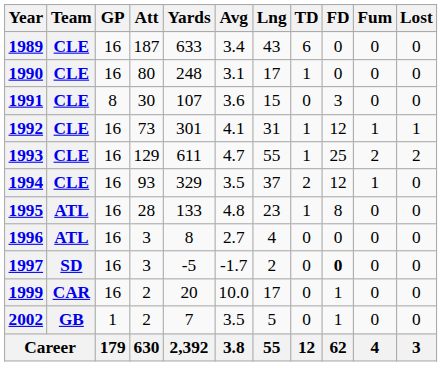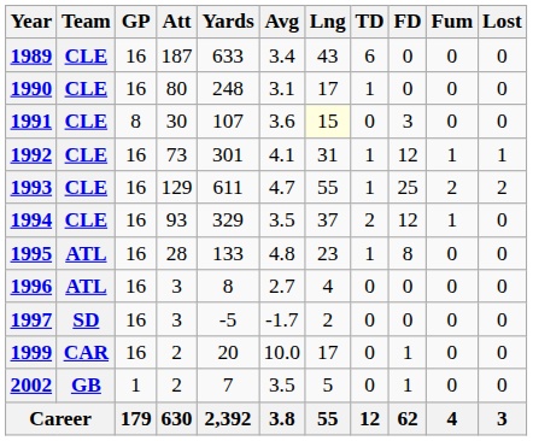 <table class="wikitable" style="text-align: center;">
 <tr>
 <th>Year</th>
 <th>Team</th>
 <th>GP</th>
 <th>Att</th>
 <th>Yards</th>
 <th>Avg</th>
 <th>Lng</th>
 <th>TD</th>
 <th>FD</th>
 <th>Fum</th>
 <th>Lost</th>
 </tr>
 <tr>
 <th><a href='#'>1989</a></th>
 <th><a href='#'>CLE</a></th>
 <td>16</td>
 <td>187</td>
 <td>633</td>
 <td>3.4</td>
 <td>43</td>
 <td>6</td>
 <td>0</td>
 <td>0</td>
 <td>0</td>
 </tr>
 <tr>
 <th><a href='#'>1990</a></th>
 <th><a href='#'>CLE</a></th>
 <td>16</td>
 <td>80</td>
 <td>248</td>
 <td>3.1</td>
 <td>17</td>
 <td>1</td>
 <td>0</td>
 <td>0</td>
 <td>0</td>
 </tr>
 <tr>
 <th><a href='#'>1991</a></th>
 <th><a href='#'>CLE</a></th>
 <td>8</td>
 <td>30</td>
 <td>107</td>
 <td>3.6</td>
-<td>15</td>
+<td style="background: lightyellow;">15</td>
 <td>0</td>
 <td>3</td>
 <td>0</td>
 <td>0</td>
 </tr>
 <tr>
 <th><a href='#'>1992</a></th>
 <th><a href='#'>CLE</a></th>
 <td>16</td>
 <td>73</td>
 <td>301</td>
 <td>4.1</td>
 <td>31</td>
 <td>1</td>
 <td>12</td>
 <td>1</td>
 <td>1</td>
 </tr>
 <tr>
 <th><a href='#'>1993</a></th>
 <th><a href='#'>CLE</a></th>
 <td>16</td>
 <td>129</td>
 <td>611</td>
 <td>4.7</td>
 <td>55</td>
 <td>1</td>
 <td>25</td>
 <td>2</td>
 <td>2</td>
 </tr>
 <tr>
 <th><a href='#'>1994</a></th>
 <th><a href='#'>CLE</a></th>
 <td>16</td>
 <td>93</td>
 <td>329</td>
 <td>3.5</td>
 <td>37</td>
 <td>2</td>
 <td>12</td>
 <td>1</td>
 <td>0</td>
 </tr>
 <tr>
 <th><a href='#'>1995</a></th>
 <th><a href='#'>ATL</a></th>
 <td>16</td>
 <td>28</td>
 <td>133</td>
 <td>4.8</td>
 <td>23</td>
 <td>1</td>
 <td>8</td>
 <td>0</td>
 <td>0</td>
 </tr>
 <tr>
 <th><a href='#'>1996</a></th>
 <th><a href='#'>ATL</a></th>
 <td>16</td>
 <td>3</td>
 <td>8</td>
 <td>2.7</td>
 <td>4</td>
 <td>0</td>
 <td>0</td>
 <td>0</td>
 <td>0</td>
 </tr>
 <tr>
 <th><a href='#'>1997</a></th>
 <th><a href='#'>SD</a></th>
 <td>16</td>
 <td>3</td>
 <td>-5</td>
 <td>-1.7</td>
 <td>2</td>
 <td>0</td>
-<td><strong>0</strong></td>
+<td>0</td>
 <td>0</td>
 <td>0</td>
 </tr>
 <tr>
 <th><a href='#'>1999</a></th>
 <th><a href='#'>CAR</a></th>
 <td>16</td>
 <td>2</td>
 <td>20</td>
 <td>10.0</td>
 <td>17</td>
 <td>0</td>
 <td>1</td>
 <td>0</td>
 <td>0</td>
 </tr>
 <tr>
 <th><a href='#'>2002</a></th>
 <th><a href='#'>GB</a></th>
 <td>1</td>
 <td>2</td>
 <td>7</td>
 <td>3.5</td>
 <td>5</td>
 <td>0</td>
 <td>1</td>
 <td>0</td>
 <td>0</td>
 </tr>
 <tr>
 <th colspan="2">Career</th>
 <th>179</th>
 <th>630</th>
 <th>2,392</th>
 <th>3.8</th>
 <th>55</th>
 <th>12</th>
 <th>62</th>
 <th>4</th>
 <th>3</th>
 </tr>
 </table>
